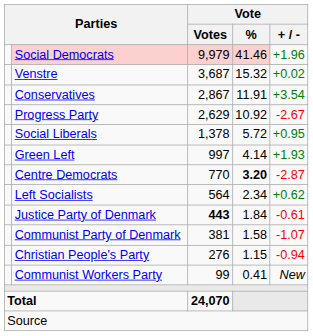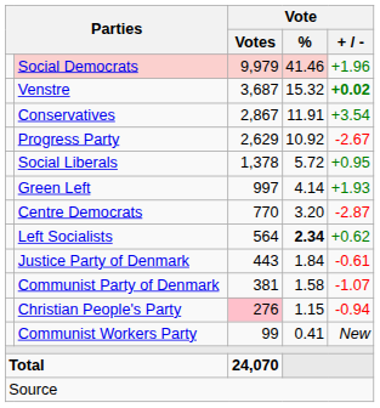 <table class="wikitable" style="text-align:right;">
 <tr>
 <th style="text-align:centre;" rowspan="2" colspan="2" width="225">Parties</th>
 <th colspan="3">Vote</th>
 </tr>
 <tr>
 <th width="15">Votes</th>
 <th width="15">%</th>
 <th width="15">+ / -</th>
 </tr>
 <tr>
 <td width="2" style="color:inherit;background:"></td>
 <td bgcolor=#fbd0ce  align="left"><a href='#'>Social Democrats</a></td>
 <td bgcolor=#fbd0ce>9,979</td>
 <td bgcolor=#fbd0ce>41.46</td>
 <td style=color:green;>+1.96</td>
 </tr>
 <tr>
 <td width="2" style="color:inherit;background:"></td>
 <td align="left"><a href='#'>Venstre</a></td>
 <td>3,687</td>
 <td>15.32</td>
-<td style=color:green;>+0.02</td>
+<td style=color:green;><strong>+0.02</strong></td>
 </tr>
 <tr>
 <td width="2" style="color:inherit;background:"></td>
 <td align="left"><a href='#'>Conservatives</a></td>
 <td>2,867</td>
 <td>11.91</td>
 <td style=color:green;>+3.54</td>
 </tr>
 <tr>
 <td width="2" style="color:inherit;background:"></td>
 <td align="left"><a href='#'>Progress Party</a></td>
 <td>2,629</td>
 <td>10.92</td>
 <td style=color:red;>-2.67</td>
 </tr>
 <tr>
 <td width="2" style="color:inherit;background:"></td>
 <td align="left"><a href='#'>Social Liberals</a></td>
 <td>1,378</td>
 <td>5.72</td>
 <td style=color:green;>+0.95</td>
 </tr>
 <tr>
 <td width="2" style="color:inherit;background:"></td>
 <td align="left"><a href='#'>Green Left</a></td>
 <td>997</td>
 <td>4.14</td>
 <td style=color:green;>+1.93</td>
 </tr>
 <tr>
 <td width="2" style="color:inherit;background:"></td>
 <td align="left"><a href='#'>Centre Democrats</a></td>
 <td>770</td>
-<td><strong>3.20</strong></td>
+<td>3.20</td>
 <td style=color:red;>-2.87</td>
 </tr>
 <tr>
 <td width="2" style="color:inherit;background:"></td>
 <td align="left"><a href='#'>Left Socialists</a></td>
 <td>564</td>
-<td>2.34</td>
+<td><strong>2.34</strong></td>
 <td style=color:green;>+0.62</td>
 </tr>
 <tr>
 <td width="2" style="color:inherit;background:"></td>
 <td align="left"><a href='#'>Justice Party of Denmark</a></td>
-<td><strong>443</strong></td>
+<td>443</td>
 <td>1.84</td>
 <td style=color:red;>-0.61</td>
 </tr>
 <tr>
 <td width="2" style="color:inherit;background:"></td>
 <td align="left"><a href='#'>Communist Party of Denmark</a></td>
 <td>381</td>
 <td>1.58</td>
 <td style=color:red;>-1.07</td>
 </tr>
 <tr>
 <td width="2" style="color:inherit;background:"></td>
 <td align="left"><a href='#'>Christian People's Party</a></td>
-<td>276</td>
+<td style="background: pink;">276</td>
 <td>1.15</td>
 <td style=color:red;>-0.94</td>
 </tr>
 <tr>
 <td width="2" style="color:inherit;background:"></td>
 <td align="left"><a href='#'>Communist Workers Party</a></td>
 <td>99</td>
 <td>0.41</td>
 <td><em>New</em></td>
 </tr>
 <tr>
 <td colspan="7" bgcolor="#E9E9E9"></td>
 </tr>
 <tr>
 <td align="left" colspan="2"><strong>Total</strong></td>
 <td><strong>24,070</strong></td>
 <td bgcolor="#E9E9E9" colspan="2"></td>
 </tr>
 <tr>
 <td align="left" colspan="6">Source</td>
 </tr>
 </table>
